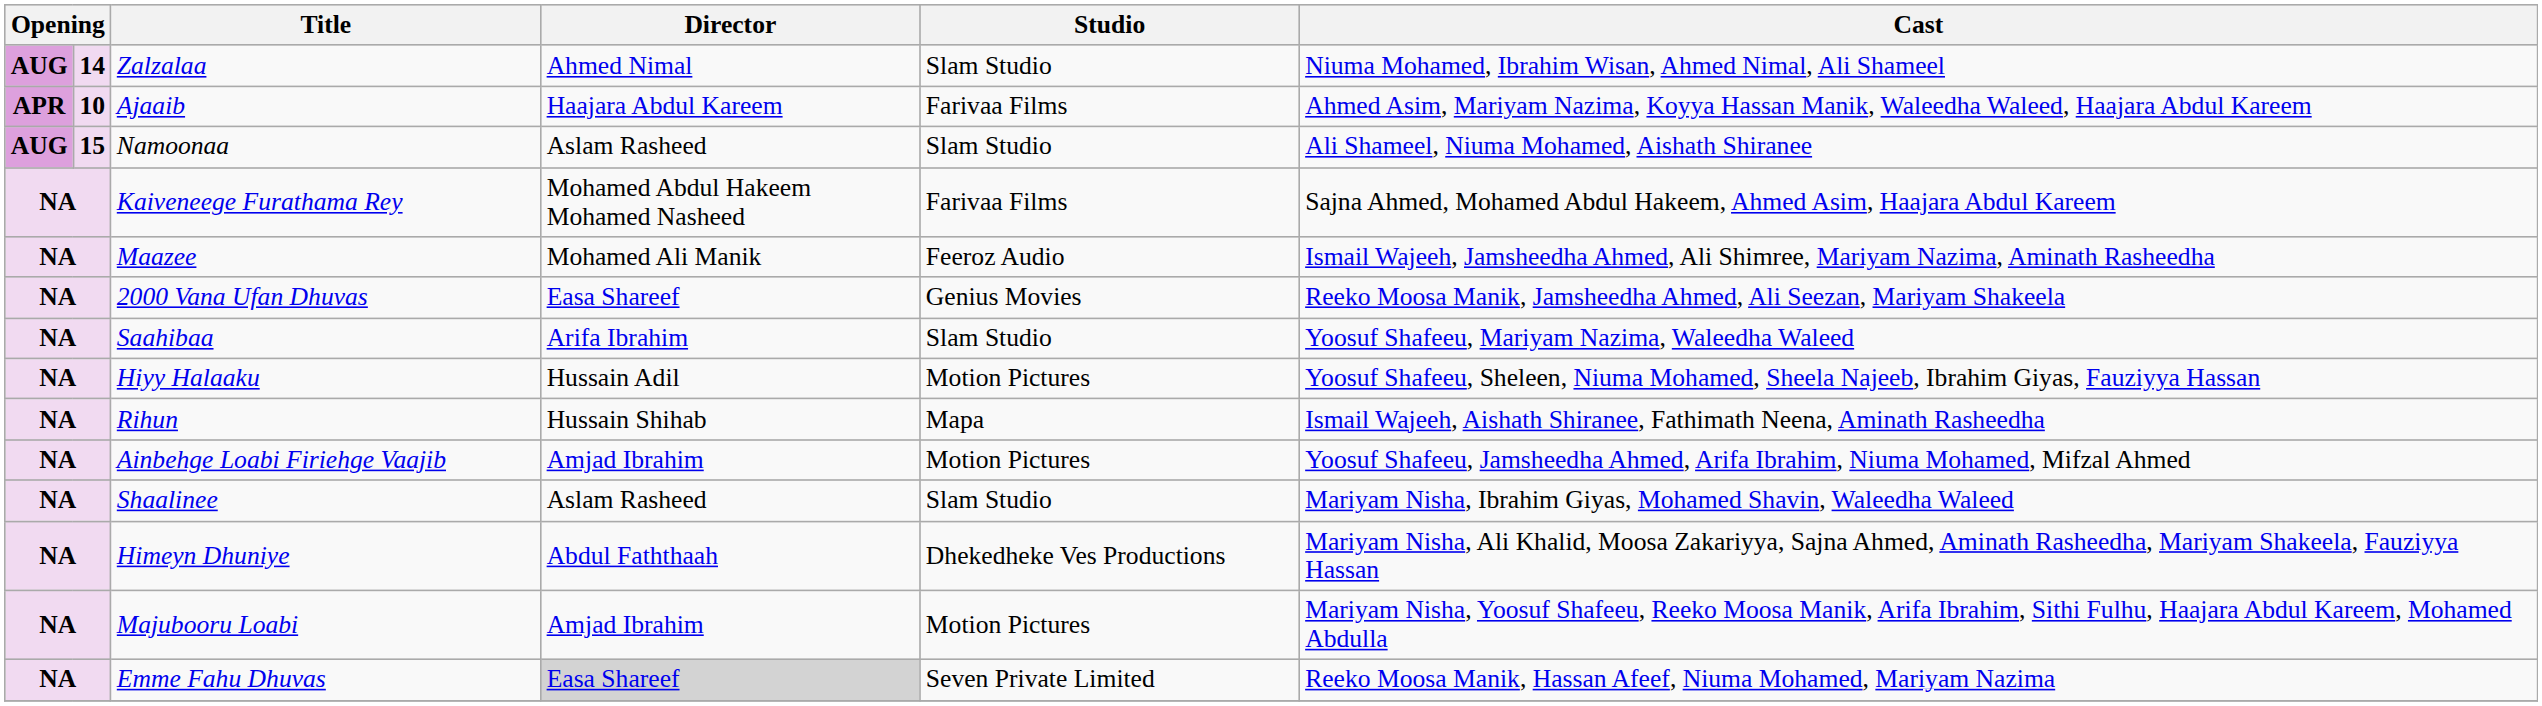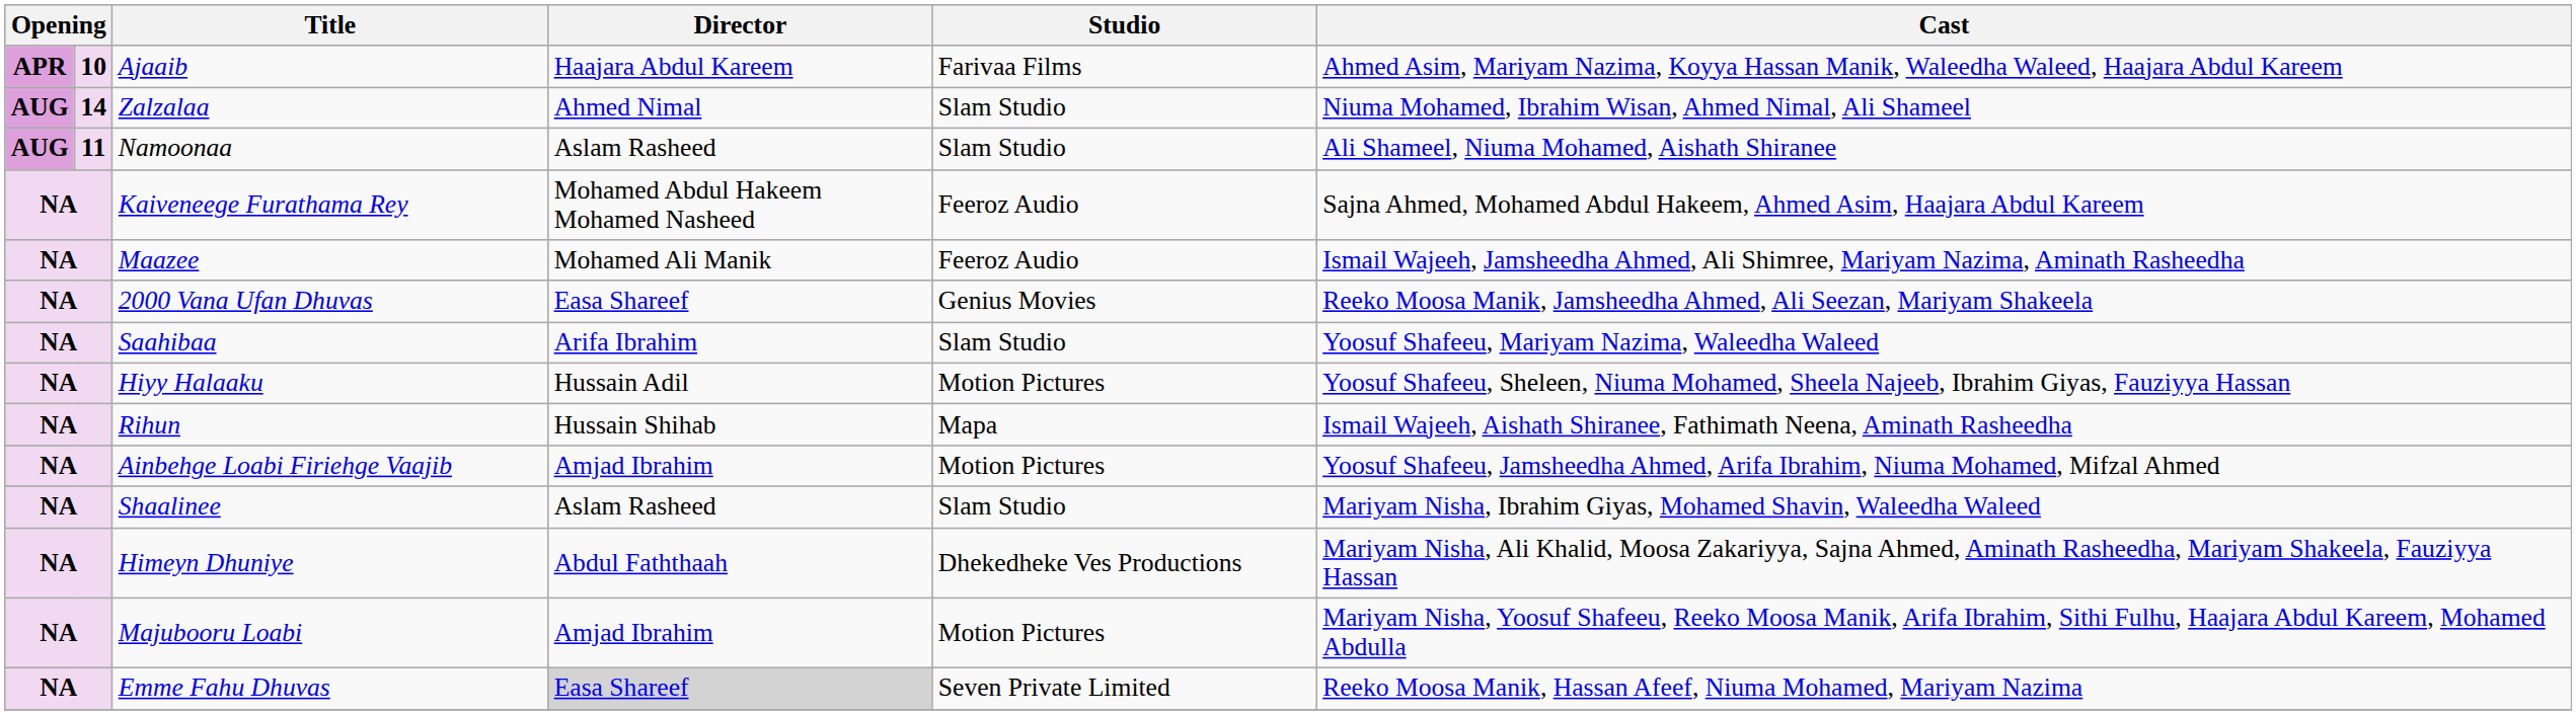 <table class="wikitable plainrowheaders" width="100%">
 <tr>
 <th scope="col" colspan="2" width=4%>Opening</th>
 <th scope="col" width=17%>Title</th>
 <th scope="col" width=15%>Director</th>
 <th scope="col" width=15%>Studio</th>
 <th scope="col" width=53%>Cast</th>
-</tr>
-<tr>
-<td style="text-align:center; background:plum; textcolor:#000;"><strong>AUG</strong></td>
-<td style="text-align:center; background:#f1daf1;"><strong>14</strong></td>
-<td><em><a href='#'>Zalzalaa</a></em></td>
-<td><a href='#'>Ahmed Nimal</a></td>
-<td>Slam Studio</td>
-<td><a href='#'>Niuma Mohamed</a>, <a href='#'>Ibrahim Wisan</a>, <a href='#'>Ahmed Nimal</a>, <a href='#'>Ali Shameel</a></td>
 </tr>
 <tr>
 <td style="text-align:center; background:plum; textcolor:#000;"><strong>APR</strong></td>
 <td style="text-align:center; background:#f1daf1;"><strong>10</strong></td>
 <td><em><a href='#'>Ajaaib</a></em></td>
 <td><a href='#'>Haajara Abdul Kareem</a></td>
 <td>Farivaa Films</td>
 <td><a href='#'>Ahmed Asim</a>, <a href='#'>Mariyam Nazima</a>, <a href='#'>Koyya Hassan Manik</a>, <a href='#'>Waleedha Waleed</a>, <a href='#'>Haajara Abdul Kareem</a></td>
 </tr>
 <tr>
 <td style="text-align:center; background:plum; textcolor:#000;"><strong>AUG</strong></td>
-<td style="text-align:center; background:#f1daf1;"><strong>15</strong></td>
+<td style="text-align:center; background:#f1daf1;"><strong>14</strong></td>
+<td><em><a href='#'>Zalzalaa</a></em></td>
+<td><a href='#'>Ahmed Nimal</a></td>
+<td>Slam Studio</td>
+<td><a href='#'>Niuma Mohamed</a>, <a href='#'>Ibrahim Wisan</a>, <a href='#'>Ahmed Nimal</a>, <a href='#'>Ali Shameel</a></td>
+</tr>
+<tr>
+<td style="text-align:center; background:plum; textcolor:#000;"><strong>AUG</strong></td>
+<td style="text-align:center; background:#f1daf1;"><strong>11</strong></td>
 <td><em>Namoonaa</em></td>
 <td>Aslam Rasheed</td>
 <td>Slam Studio</td>
 <td><a href='#'>Ali Shameel</a>, <a href='#'>Niuma Mohamed</a>, <a href='#'>Aishath Shiranee</a></td>
 </tr>
 <tr>
 <td style="text-align:center; background:#f1daf1;" colspan="2"><strong>NA</strong></td>
 <td><em><a href='#'>Kaiveneege Furathama Rey</a></em></td>
 <td>Mohamed Abdul Hakeem<br>Mohamed Nasheed</td>
-<td>Farivaa Films</td>
+<td>Feeroz Audio</td>
 <td>Sajna Ahmed, Mohamed Abdul Hakeem, <a href='#'>Ahmed Asim</a>, <a href='#'>Haajara Abdul Kareem</a></td>
 </tr>
 <tr>
 <td style="text-align:center; background:#f1daf1;" colspan="2"><strong>NA</strong></td>
 <td><em><a href='#'>Maazee</a></em></td>
 <td>Mohamed Ali Manik</td>
 <td>Feeroz Audio</td>
 <td><a href='#'>Ismail Wajeeh</a>, <a href='#'>Jamsheedha Ahmed</a>, Ali Shimree, <a href='#'>Mariyam Nazima</a>, <a href='#'>Aminath Rasheedha</a></td>
 </tr>
 <tr>
 <td style="text-align:center; background:#f1daf1;" colspan="2"><strong>NA</strong></td>
 <td><em><a href='#'>2000 Vana Ufan Dhuvas</a></em></td>
 <td><a href='#'>Easa Shareef</a></td>
 <td>Genius Movies</td>
 <td><a href='#'>Reeko Moosa Manik</a>, <a href='#'>Jamsheedha Ahmed</a>, <a href='#'>Ali Seezan</a>, <a href='#'>Mariyam Shakeela</a></td>
 </tr>
 <tr>
 <td style="text-align:center; background:#f1daf1;" colspan="2"><strong>NA</strong></td>
 <td><em><a href='#'>Saahibaa</a></em></td>
 <td><a href='#'>Arifa Ibrahim</a></td>
 <td>Slam Studio</td>
 <td><a href='#'>Yoosuf Shafeeu</a>, <a href='#'>Mariyam Nazima</a>, <a href='#'>Waleedha Waleed</a></td>
 </tr>
 <tr>
 <td style="text-align:center; background:#f1daf1;" colspan="2"><strong>NA</strong></td>
 <td><em><a href='#'>Hiyy Halaaku</a></em></td>
 <td>Hussain Adil</td>
 <td>Motion Pictures</td>
 <td><a href='#'>Yoosuf Shafeeu</a>, Sheleen, <a href='#'>Niuma Mohamed</a>, <a href='#'>Sheela Najeeb</a>, Ibrahim Giyas, <a href='#'>Fauziyya Hassan</a></td>
 </tr>
 <tr>
 <td style="text-align:center; background:#f1daf1;" colspan="2"><strong>NA</strong></td>
 <td><em><a href='#'>Rihun</a></em></td>
 <td>Hussain Shihab</td>
 <td>Mapa</td>
 <td><a href='#'>Ismail Wajeeh</a>, <a href='#'>Aishath Shiranee</a>, Fathimath Neena, <a href='#'>Aminath Rasheedha</a></td>
 </tr>
 <tr>
 <td style="text-align:center; background:#f1daf1;" colspan="2"><strong>NA</strong></td>
 <td><em><a href='#'>Ainbehge Loabi Firiehge Vaajib</a></em></td>
 <td><a href='#'>Amjad Ibrahim</a></td>
 <td>Motion Pictures</td>
 <td><a href='#'>Yoosuf Shafeeu</a>, <a href='#'>Jamsheedha Ahmed</a>, <a href='#'>Arifa Ibrahim</a>, <a href='#'>Niuma Mohamed</a>, Mifzal Ahmed</td>
 </tr>
 <tr>
 <td style="text-align:center; background:#f1daf1;" colspan="2"><strong>NA</strong></td>
 <td><em><a href='#'>Shaalinee</a></em></td>
 <td>Aslam Rasheed</td>
 <td>Slam Studio</td>
 <td><a href='#'>Mariyam Nisha</a>, Ibrahim Giyas, <a href='#'>Mohamed Shavin</a>, <a href='#'>Waleedha Waleed</a></td>
 </tr>
 <tr>
 <td style="text-align:center; background:#f1daf1;" colspan="2"><strong>NA</strong></td>
 <td><em><a href='#'>Himeyn Dhuniye</a></em></td>
 <td><a href='#'>Abdul Faththaah</a></td>
 <td>Dhekedheke Ves Productions</td>
 <td><a href='#'>Mariyam Nisha</a>, Ali Khalid, Moosa Zakariyya, Sajna Ahmed, <a href='#'>Aminath Rasheedha</a>, <a href='#'>Mariyam Shakeela</a>, <a href='#'>Fauziyya Hassan</a></td>
 </tr>
 <tr>
 <td style="text-align:center; background:#f1daf1;" colspan="2"><strong>NA</strong></td>
 <td><em><a href='#'>Majubooru Loabi</a></em></td>
 <td><a href='#'>Amjad Ibrahim</a></td>
 <td>Motion Pictures</td>
 <td><a href='#'>Mariyam Nisha</a>, <a href='#'>Yoosuf Shafeeu</a>, <a href='#'>Reeko Moosa Manik</a>, <a href='#'>Arifa Ibrahim</a>, <a href='#'>Sithi Fulhu</a>, <a href='#'>Haajara Abdul Kareem</a>, <a href='#'>Mohamed Abdulla</a></td>
 </tr>
 <tr>
 <td style="text-align:center; background:#f1daf1;" colspan="2"><strong>NA</strong></td>
 <td><em><a href='#'>Emme Fahu Dhuvas</a></em></td>
 <td style="background: lightgrey;"><a href='#'>Easa Shareef</a></td>
 <td>Seven Private Limited</td>
 <td><a href='#'>Reeko Moosa Manik</a>, <a href='#'>Hassan Afeef</a>, <a href='#'>Niuma Mohamed</a>, <a href='#'>Mariyam Nazima</a></td>
 </tr>
 <tr>
 </tr>
 </table>
